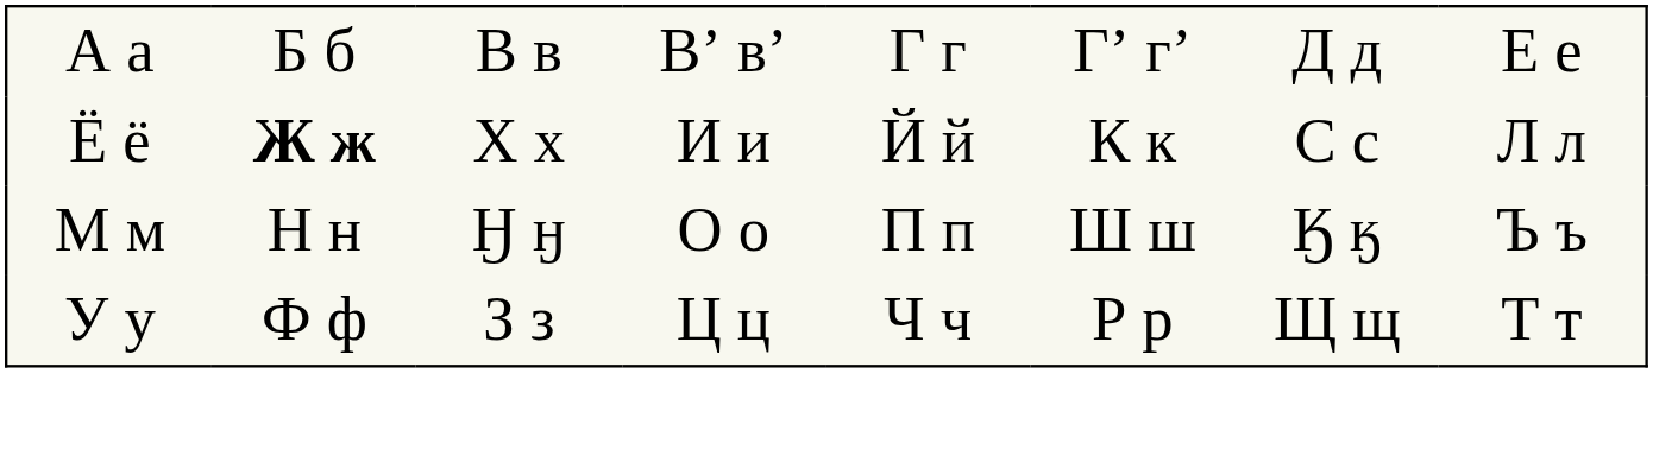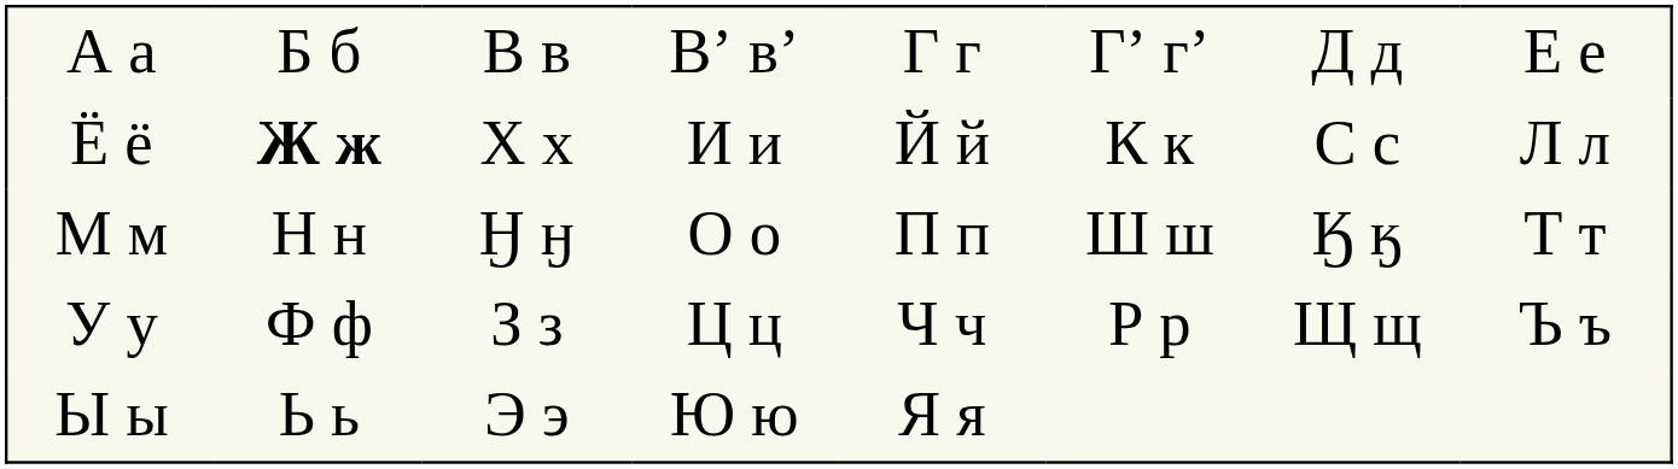 <table style="font-family:Arial Unicode MS; font-size:1.4em; border-color:#000000; border-width:1px; border-style:solid; border-collapse:collapse; background-color:#F8F8EF">
 <tr>
 <td style="width:3em; text-align:center; padding: 3px;">А а</td>
 <td style="width:3em; text-align:center; padding: 3px;">Б б</td>
 <td style="width:3em; text-align:center; padding: 3px;">В в</td>
 <td style="width:3em; text-align:center; padding: 3px;">Вʼ вʼ</td>
 <td style="width:3em; text-align:center; padding: 3px;">Г г</td>
 <td style="width:3em; text-align:center; padding: 3px;">Гʼ гʼ</td>
 <td style="width:3em; text-align:center; padding: 3px;">Д д</td>
 <td style="width:3em; text-align:center; padding: 3px;">Е е</td>
 </tr>
 <tr>
 <td style="width:3em; text-align:center; padding: 3px;">Ё ё</td>
 <td style="width:3em; text-align:center; padding: 3px;"><strong>Ж ж</strong></td>
 <td style="width:3em; text-align:center; padding: 3px;">Х х</td>
 <td style="width:3em; text-align:center; padding: 3px;">И и</td>
 <td style="width:3em; text-align:center; padding: 3px;">Й й</td>
 <td style="width:3em; text-align:center; padding: 3px;">К к</td>
 <td style="width:3em; text-align:center; padding: 3px;">С с</td>
 <td style="width:3em; text-align:center; padding: 3px;">Л л</td>
 </tr>
 <tr>
 <td style="width:3em; text-align:center; padding: 3px;">М м</td>
 <td style="width:3em; text-align:center; padding: 3px;">Н н</td>
 <td style="width:3em; text-align:center; padding: 3px;">Ӈ ӈ</td>
 <td style="width:3em; text-align:center; padding: 3px;">О о</td>
 <td style="width:3em; text-align:center; padding: 3px;">П п</td>
 <td style="width:3em; text-align:center; padding: 3px;">Ш ш</td>
 <td style="width:3em; text-align:center; padding: 3px;">Ӄ ӄ</td>
-<td style="width:3em; text-align:center; padding: 3px;">Ъ ъ</td>
+<td style="width:3em; text-align:center; padding: 3px;">Т т</td>
 </tr>
 <tr>
 <td style="width:3em; text-align:center; padding: 3px;">У у</td>
 <td style="width:3em; text-align:center; padding: 3px;">Ф ф</td>
 <td style="width:3em; text-align:center; padding: 3px;">З з</td>
 <td style="width:3em; text-align:center; padding: 3px;">Ц ц</td>
 <td style="width:3em; text-align:center; padding: 3px;">Ч ч</td>
 <td style="width:3em; text-align:center; padding: 3px;">Р р</td>
 <td style="width:3em; text-align:center; padding: 3px;">Щ щ</td>
-<td style="width:3em; text-align:center; padding: 3px;">Т т</td>
+<td style="width:3em; text-align:center; padding: 3px;">Ъ ъ</td>
+</tr>
+<tr>
+<td style="width:3em; text-align:center; padding: 3px;">Ы ы</td>
+<td style="width:3em; text-align:center; padding: 3px;">Ь ь</td>
+<td style="width:3em; text-align:center; padding: 3px;">Э э</td>
+<td style="width:3em; text-align:center; padding: 3px;">Ю ю</td>
+<td style="width:3em; text-align:center; padding: 3px;">Я я</td>
+<td></td>
+<td></td>
+<td></td>
 </tr>
 </table>
